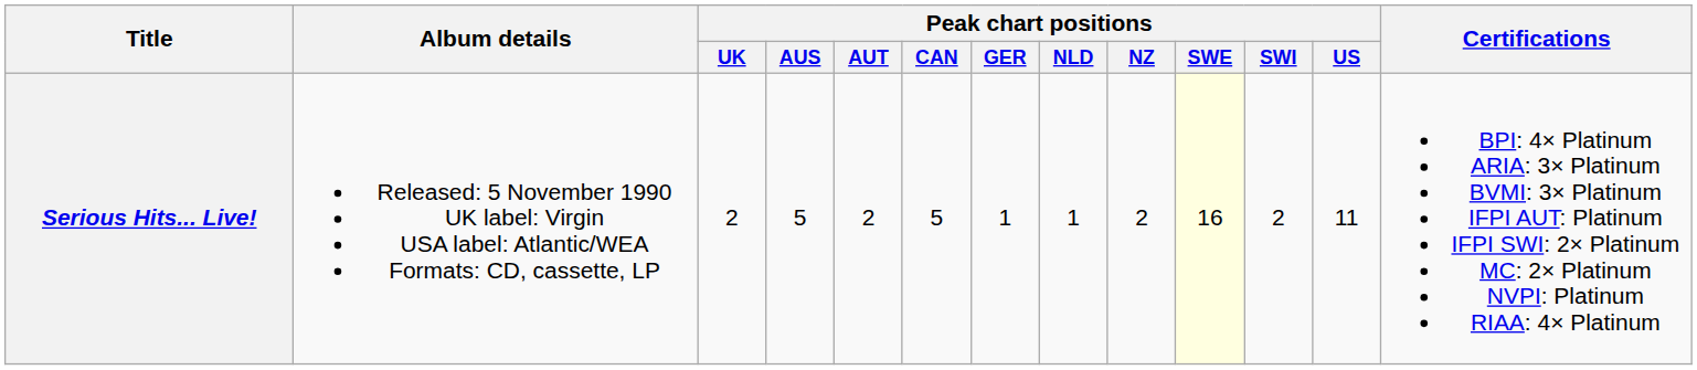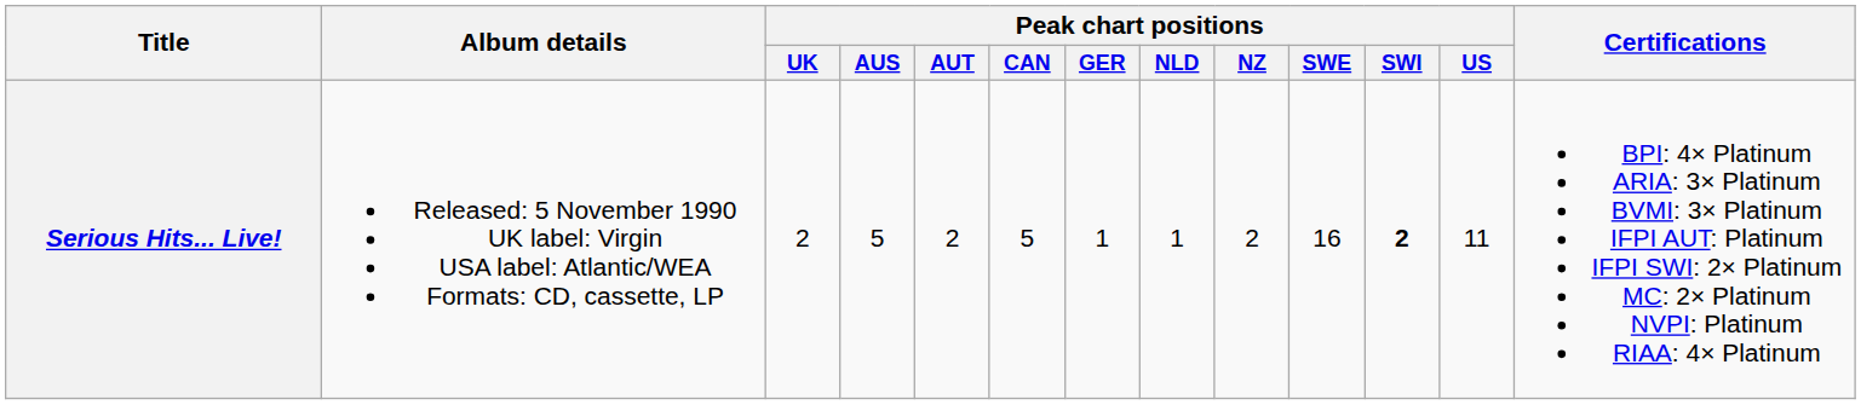 <table class="wikitable plainrowheaders" style="text-align:center;" border="1">
 <tr>
 <th scope="col" rowspan="2" style="width:12em;">Title</th>
 <th scope="col" rowspan="2" style="width:17em;">Album details</th>
 <th scope="col" colspan="10">Peak chart positions</th>
 <th scope="col" rowspan="2" style="width:13em;"><a href='#'>Certifications</a></th>
 </tr>
 <tr>
 <th scope="col" style="width:3em;font-size:85%;"><a href='#'>UK</a><br></th>
 <th scope="col" style="width:3em;font-size:85%;"><a href='#'>AUS</a><br></th>
 <th scope="col" style="width:3em;font-size:85%;"><a href='#'>AUT</a><br></th>
 <th scope="col" style="width:3em;font-size:85%;"><a href='#'>CAN</a><br></th>
 <th scope="col" style="width:3em;font-size:85%;"><a href='#'>GER</a><br></th>
 <th scope="col" style="width:3em;font-size:85%;"><a href='#'>NLD</a><br></th>
 <th scope="col" style="width:3em;font-size:85%;"><a href='#'>NZ</a><br></th>
 <th scope="col" style="width:3em;font-size:85%;"><a href='#'>SWE</a><br></th>
 <th scope="col" style="width:3em;font-size:85%;"><a href='#'>SWI</a><br></th>
 <th scope="col" style="width:3em;font-size:85%;"><a href='#'>US</a><br></th>
 </tr>
 <tr>
 <th scope="row"><em><a href='#'>Serious Hits... Live!</a></em></th>
 <td><br><ul><li>Released: 5 November 1990</li><li>UK label: Virgin</li><li>USA label: Atlantic/WEA</li><li>Formats: CD, cassette, LP</li></ul></td>
 <td>2</td>
 <td>5</td>
 <td>2</td>
 <td>5</td>
 <td>1</td>
 <td>1</td>
 <td>2</td>
-<td style="background: lightyellow;">16</td>
-<td>2</td>
+<td>16</td>
+<td><strong>2</strong></td>
 <td>11</td>
 <td><br><ul><li><a href='#'>BPI</a>: 4× Platinum</li><li><a href='#'>ARIA</a>: 3× Platinum</li><li><a href='#'>BVMI</a>: 3× Platinum</li><li><a href='#'>IFPI AUT</a>: Platinum</li><li><a href='#'>IFPI SWI</a>: 2× Platinum</li><li><a href='#'>MC</a>: 2× Platinum</li><li><a href='#'>NVPI</a>: Platinum</li><li><a href='#'>RIAA</a>: 4× Platinum</li></ul></td>
 </tr>
 </table>
